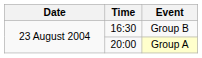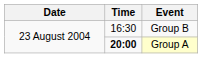 <table class = "wikitable" style="text-align:center;">
 <tr>
 <th width=150>Date</th>
 <th width=50>Time</th>
 <th width=80>Event</th>
 </tr>
 <tr>
 <td rowspan=2>23 August 2004</td>
 <td>16:30</td>
 <td>Group B</td>
 </tr>
 <tr>
-<td>20:00</td>
+<td><strong>20:00</strong></td>
 <td bgcolor=ffffcc>Group A</td>
 </tr>
 </table>
